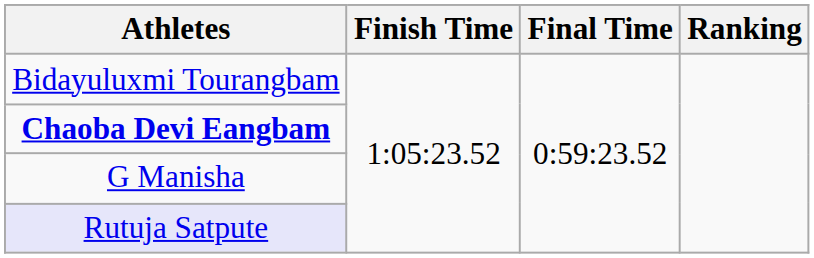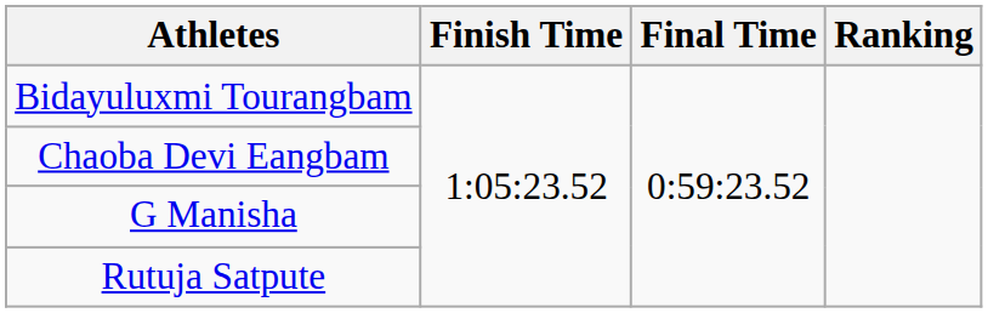 <table class="wikitable" style="text-align:center;">
 <tr>
 <th>Athletes</th>
 <th>Finish Time</th>
 <th>Final Time</th>
 <th>Ranking</th>
 </tr>
 <tr>
 <td><a href='#'>Bidayuluxmi Tourangbam</a></td>
 <td rowspan="4">1:05:23.52</td>
 <td rowspan="4">0:59:23.52</td>
 <td rowspan="4"></td>
 </tr>
 <tr>
-<td><strong><a href='#'>Chaoba Devi Eangbam</a></strong></td>
+<td><a href='#'>Chaoba Devi Eangbam</a></td>
 </tr>
 <tr>
 <td><a href='#'>G Manisha</a></td>
 </tr>
 <tr>
-<td style="background: lavender;"><a href='#'>Rutuja Satpute</a></td>
+<td><a href='#'>Rutuja Satpute</a></td>
 </tr>
 </table>
